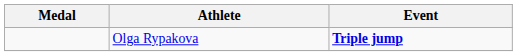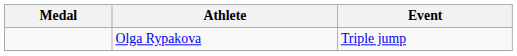 <table class="wikitable" style="font-size:90%" width=60%>
 <tr>
 <th>Medal</th>
 <th>Athlete</th>
 <th>Event</th>
 </tr>
 <tr>
 <td></td>
 <td><a href='#'>Olga Rypakova</a></td>
-<td><strong><a href='#'>Triple jump</a></strong></td>
+<td><a href='#'>Triple jump</a></td>
 </tr>
 <tr>
 </tr>
 </table>
